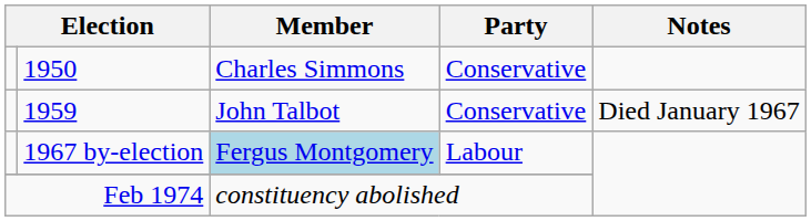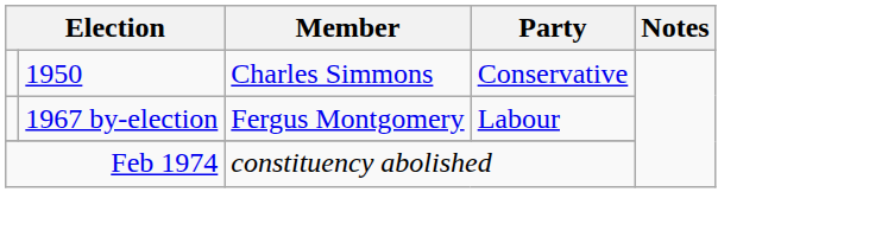 <table class="wikitable">
 <tr>
 <th colspan="2">Election</th>
 <th>Member</th>
 <th>Party</th>
 <th>Notes</th>
 </tr>
 <tr>
 <td style="color:inherit;background-color: "></td>
 <td><a href='#'>1950</a></td>
 <td><a href='#'>Charles Simmons</a></td>
 <td><a href='#'>Conservative</a></td>
 </tr>
 <tr>
 <td style="color:inherit;background-color: "></td>
-<td><a href='#'>1959</a></td>
-<td><a href='#'>John Talbot</a></td>
-<td><a href='#'>Conservative</a></td>
-<td>Died January 1967</td>
-</tr>
-<tr>
-<td style="color:inherit;background-color: "></td>
 <td><a href='#'>1967 by-election</a></td>
-<td style="background: lightblue;"><a href='#'>Fergus Montgomery</a></td>
+<td><a href='#'>Fergus Montgomery</a></td>
 <td><a href='#'>Labour</a></td>
 </tr>
 <tr>
 </tr>
 <tr>
 <td colspan=2 align="right"><a href='#'>Feb 1974</a></td>
 <td colspan="2"><em>constituency abolished</em></td>
 </tr>
 </table>
